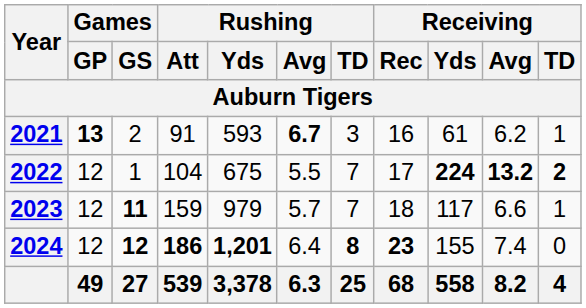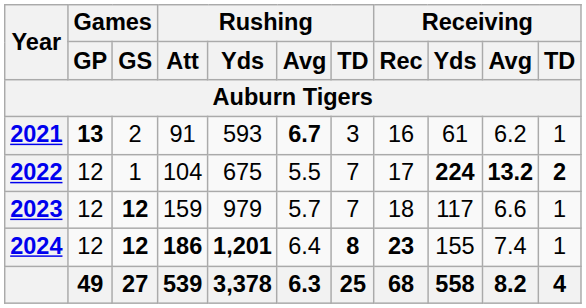 <table class="wikitable" style="text-align:center;">
 <tr>
 <th rowspan="2">Year</th>
 <th colspan="2">Games</th>
 <th colspan="4">Rushing</th>
 <th colspan="5">Receiving</th>
 </tr>
 <tr>
 <th>GP</th>
 <th>GS</th>
 <th>Att</th>
 <th>Yds</th>
 <th>Avg</th>
 <th>TD</th>
 <th>Rec</th>
 <th>Yds</th>
 <th>Avg</th>
 <th>TD</th>
 </tr>
 <tr>
 <th colspan="12">Auburn Tigers</th>
 </tr>
 <tr>
 <th><a href='#'>2021</a></th>
 <td><strong>13</strong></td>
 <td>2</td>
 <td>91</td>
 <td>593</td>
 <td><strong>6.7</strong></td>
 <td>3</td>
 <td>16</td>
 <td>61</td>
 <td>6.2</td>
 <td>1</td>
 </tr>
 <tr>
 <th><a href='#'>2022</a></th>
 <td>12</td>
 <td>1</td>
 <td>104</td>
 <td>675</td>
 <td>5.5</td>
 <td>7</td>
 <td>17</td>
 <td><strong>224</strong></td>
 <td><strong>13.2</strong></td>
 <td><strong>2</strong></td>
 </tr>
 <tr>
 <th><a href='#'>2023</a></th>
 <td>12</td>
-<td><strong>11</strong></td>
+<td><strong>12</strong></td>
 <td>159</td>
 <td>979</td>
 <td>5.7</td>
 <td>7</td>
 <td>18</td>
 <td>117</td>
 <td>6.6</td>
 <td>1</td>
 </tr>
 <tr>
 <th><a href='#'>2024</a></th>
 <td>12</td>
 <td><strong>12</strong></td>
 <td><strong>186</strong></td>
 <td><strong>1,201</strong></td>
 <td>6.4</td>
 <td><strong>8</strong></td>
 <td><strong>23</strong></td>
 <td>155</td>
 <td>7.4</td>
-<td>0</td>
+<td>1</td>
 </tr>
 <tr>
 <th></th>
 <th>49</th>
 <th>27</th>
 <th>539</th>
 <th>3,378</th>
 <th>6.3</th>
 <th>25</th>
 <th>68</th>
 <th>558</th>
 <th>8.2</th>
 <th>4</th>
 </tr>
 </table>
